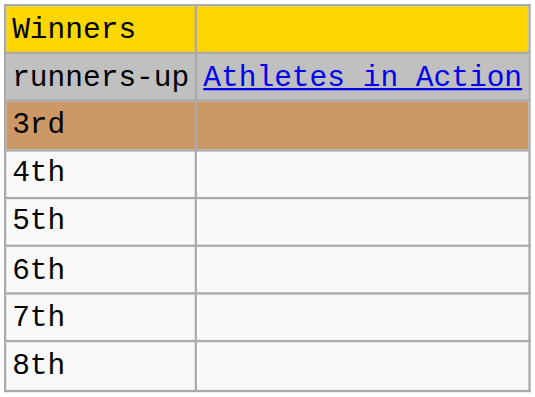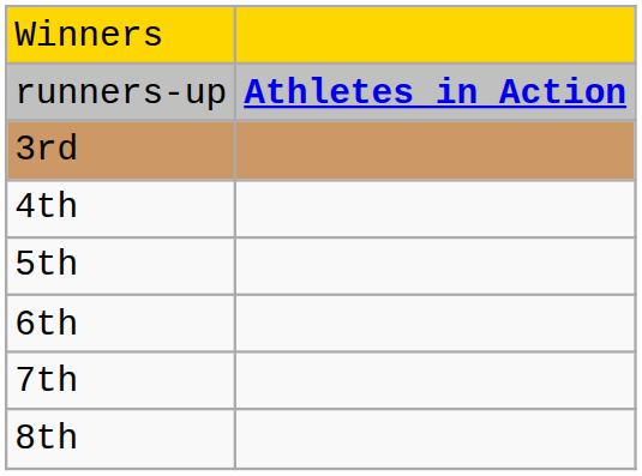 <table class="wikitable">
 <tr bgcolor=gold>
 <td>Winners</td>
 <td></td>
 </tr>
 <tr bgcolor=silver>
 <td>runners-up</td>
-<td> <a href='#'>Athletes in Action</a></td>
+<td><strong> <a href='#'>Athletes in Action</a></strong></td>
 </tr>
 <tr bgcolor="#cc9966">
 <td>3rd</td>
 <td></td>
 </tr>
 <tr>
 <td>4th</td>
 <td></td>
 </tr>
 <tr>
 <td>5th</td>
 <td></td>
 </tr>
 <tr>
 <td>6th</td>
 <td></td>
 </tr>
 <tr>
 <td>7th</td>
 <td></td>
 </tr>
 <tr>
 <td>8th</td>
 <td></td>
 </tr>
 </table>
